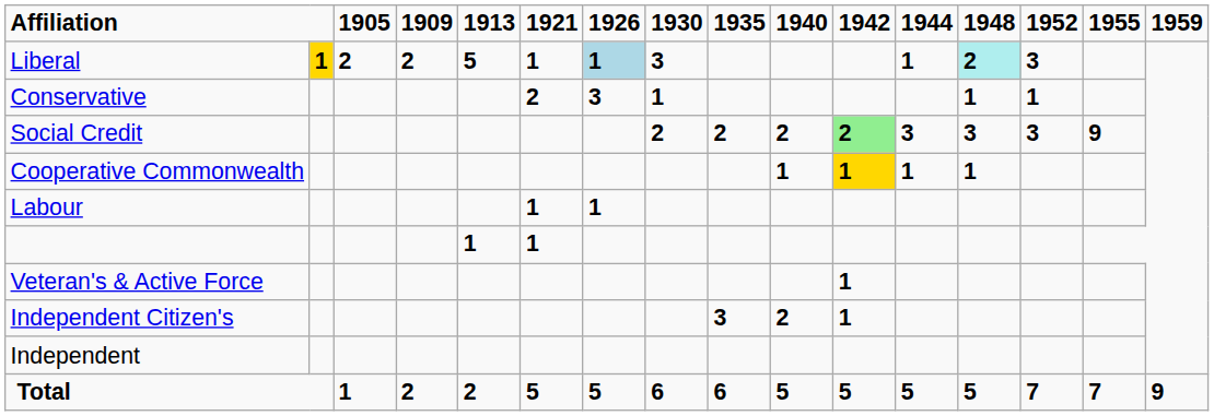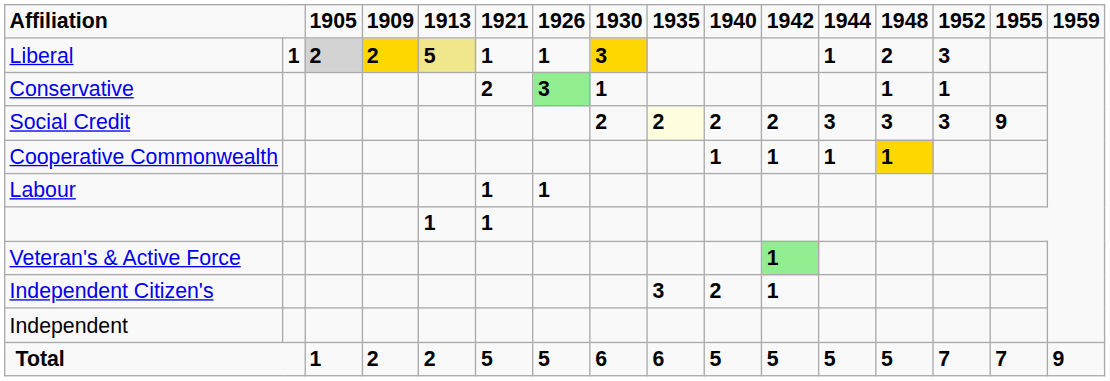 <table class="wikitable">
 <tr>
 <td colspan="2" rowspan="1" align="left" valign="top"><strong>Affiliation</strong></td>
 <td valign="top"><strong>1905</strong></td>
 <td valign="top"><strong>1909</strong></td>
 <td valign="top"><strong>1913</strong></td>
 <td valign="top"><strong>1921</strong></td>
 <td valign="top"><strong>1926</strong></td>
 <td valign="top"><strong>1930</strong></td>
 <td valign="top"><strong>1935</strong></td>
 <td valign="top"><strong>1940</strong></td>
 <td valign="top"><strong>1942</strong></td>
 <td valign="top"><strong>1944</strong></td>
 <td valign="top"><strong>1948</strong></td>
 <td valign="top"><strong>1952</strong></td>
 <td valign="top"><strong>1955</strong></td>
 <td valign="top"><strong>1959</strong><br></td>
 </tr>
 <tr>
 <td><a href='#'>Liberal</a></td>
-<td style="background: gold;"><strong>1</strong></td>
-<td><strong>2</strong></td>
-<td><strong>2</strong></td>
-<td><strong>5</strong></td>
 <td><strong>1</strong></td>
-<td style="background: lightblue;"><strong>1</strong></td>
-<td><strong>3</strong></td>
+<td style="background: lightgrey;"><strong>2</strong></td>
+<td style="background: gold;"><strong>2</strong></td>
+<td style="background: khaki;"><strong>5</strong></td>
+<td><strong>1</strong></td>
+<td><strong>1</strong></td>
+<td style="background: gold;"><strong>3</strong></td>
 <td></td>
 <td></td>
 <td></td>
 <td><strong>1</strong></td>
-<td style="background: paleturquoise;"><strong>2</strong></td>
+<td><strong>2</strong></td>
 <td><strong>3</strong></td>
 <td></td>
 </tr>
 <tr>
 <td><a href='#'>Conservative</a></td>
 <td></td>
 <td></td>
 <td></td>
 <td></td>
 <td><strong>2</strong></td>
-<td><strong>3</strong></td>
+<td style="background: lightgreen;"><strong>3</strong></td>
 <td><strong>1</strong></td>
 <td></td>
 <td></td>
 <td></td>
 <td></td>
 <td><strong>1</strong></td>
 <td><strong>1</strong></td>
 <td></td>
 </tr>
 <tr>
 <td><a href='#'>Social Credit</a></td>
 <td></td>
 <td></td>
 <td></td>
 <td></td>
 <td></td>
 <td></td>
 <td><strong>2</strong></td>
+<td style="background: lightyellow;"><strong>2</strong></td>
 <td><strong>2</strong></td>
 <td><strong>2</strong></td>
-<td style="background: lightgreen;"><strong>2</strong></td>
 <td><strong>3</strong></td>
 <td><strong>3</strong></td>
 <td><strong>3</strong></td>
 <td><strong>9</strong></td>
 </tr>
 <tr>
 <td><a href='#'>Cooperative Commonwealth</a></td>
 <td></td>
 <td></td>
 <td></td>
 <td></td>
 <td></td>
 <td></td>
 <td></td>
 <td></td>
 <td><strong>1</strong></td>
-<td style="background: gold;"><strong>1</strong></td>
 <td><strong>1</strong></td>
 <td><strong>1</strong></td>
+<td style="background: gold;"><strong>1</strong></td>
 <td></td>
 <td></td>
 </tr>
 <tr>
 <td><a href='#'>Labour</a></td>
 <td></td>
 <td></td>
 <td></td>
 <td></td>
 <td><strong>1</strong></td>
 <td><strong>1</strong></td>
 <td></td>
 <td></td>
 <td></td>
 <td></td>
 <td></td>
 <td></td>
 <td></td>
 <td></td>
 </tr>
 <tr>
 <td></td>
 <td></td>
 <td></td>
 <td></td>
 <td><strong>1</strong></td>
 <td><strong>1</strong></td>
 <td></td>
 <td></td>
 <td></td>
 <td></td>
 <td></td>
 <td></td>
 <td></td>
 <td></td>
 </tr>
 <tr>
 <td><a href='#'>Veteran's & Active Force</a></td>
 <td></td>
 <td></td>
 <td></td>
 <td></td>
 <td></td>
 <td></td>
 <td></td>
 <td></td>
 <td></td>
-<td><strong>1</strong></td>
+<td style="background: lightgreen;"><strong>1</strong></td>
 <td></td>
 <td></td>
 <td></td>
 <td></td>
 </tr>
 <tr>
 <td><a href='#'>Independent Citizen's</a></td>
 <td></td>
 <td></td>
 <td></td>
 <td></td>
 <td></td>
 <td></td>
 <td></td>
 <td><strong>3</strong></td>
 <td><strong>2</strong></td>
 <td><strong>1</strong></td>
 <td></td>
 <td></td>
 <td></td>
 <td></td>
 </tr>
 <tr>
 <td>Independent</td>
 <td></td>
 <td></td>
 <td></td>
 <td></td>
 <td></td>
 <td></td>
 <td></td>
 <td></td>
 <td></td>
 <td></td>
 <td></td>
 <td></td>
 <td></td>
 <td></td>
 </tr>
 <tr>
 <td colspan="2" rowspan="1"> <strong>Total</strong><br></td>
 <td><strong>1</strong></td>
 <td><strong>2</strong></td>
 <td><strong>2</strong></td>
 <td><strong>5</strong></td>
 <td><strong>5</strong></td>
 <td><strong>6</strong></td>
 <td><strong>6</strong></td>
 <td><strong>5</strong></td>
 <td><strong>5</strong></td>
 <td><strong>5</strong></td>
 <td><strong>5</strong></td>
 <td><strong>7</strong></td>
 <td><strong>7</strong></td>
 <td><strong>9</strong></td>
 </tr>
 </table>
